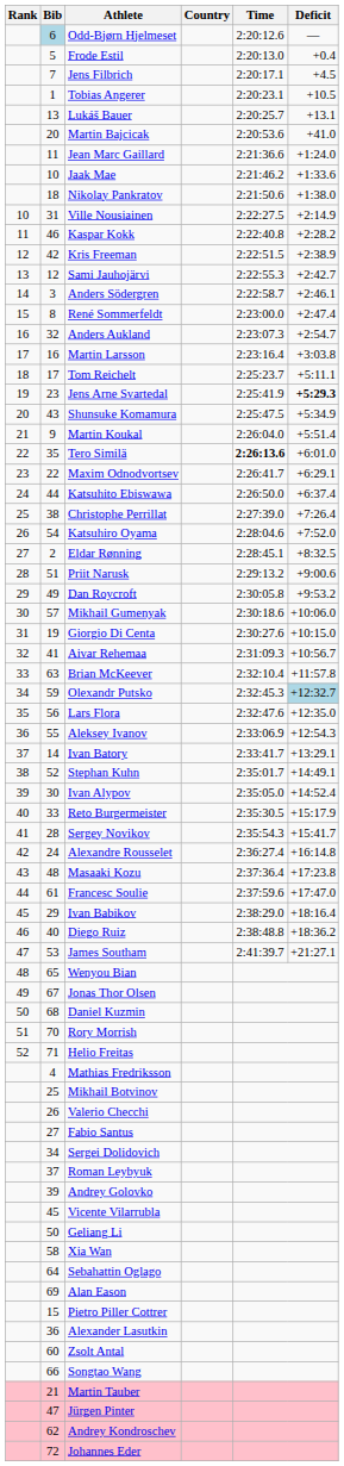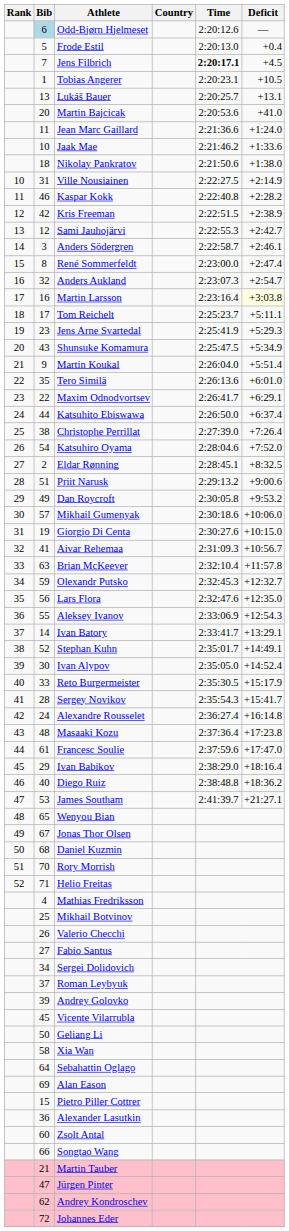 <table class="wikitable sortable" style="text-align:center">
 <tr>
 <th>Rank</th>
 <th>Bib</th>
 <th>Athlete</th>
 <th>Country</th>
 <th>Time</th>
 <th>Deficit</th>
 </tr>
 <tr>
 <td></td>
 <td style="background: lightblue;">6</td>
 <td align=left><a href='#'>Odd-Bjørn Hjelmeset</a></td>
 <td align=left></td>
 <td>2:20:12.6</td>
 <td>—</td>
 </tr>
 <tr>
 <td></td>
 <td>5</td>
 <td align=left><a href='#'>Frode Estil</a></td>
 <td align=left></td>
 <td>2:20:13.0</td>
 <td align="right">+0.4</td>
 </tr>
 <tr>
 <td></td>
 <td>7</td>
 <td align=left><a href='#'>Jens Filbrich</a></td>
 <td align=left></td>
-<td>2:20:17.1</td>
+<td><strong>2:20:17.1</strong></td>
 <td align="right">+4.5</td>
 </tr>
 <tr>
 <td></td>
 <td>1</td>
 <td align=left><a href='#'>Tobias Angerer</a></td>
 <td align=left></td>
 <td>2:20:23.1</td>
 <td align="right">+10.5</td>
 </tr>
 <tr>
 <td></td>
 <td>13</td>
 <td align=left><a href='#'>Lukáš Bauer</a></td>
 <td align=left></td>
 <td>2:20:25.7</td>
 <td align="right">+13.1</td>
 </tr>
 <tr>
 <td></td>
 <td>20</td>
 <td align=left><a href='#'>Martin Bajcicak</a></td>
 <td align=left></td>
 <td>2:20:53.6</td>
 <td align="right">+41.0</td>
 </tr>
 <tr>
 <td></td>
 <td>11</td>
 <td align=left><a href='#'>Jean Marc Gaillard</a></td>
 <td align=left></td>
 <td>2:21:36.6</td>
 <td align="right">+1:24.0</td>
 </tr>
 <tr>
 <td></td>
 <td>10</td>
 <td align=left><a href='#'>Jaak Mae</a></td>
 <td align=left></td>
 <td>2:21:46.2</td>
 <td align="right">+1:33.6</td>
 </tr>
 <tr>
 <td></td>
 <td>18</td>
 <td align=left><a href='#'>Nikolay Pankratov</a></td>
 <td align=left></td>
 <td>2:21:50.6</td>
 <td align="right">+1:38.0</td>
 </tr>
 <tr>
 <td>10</td>
 <td>31</td>
 <td align=left><a href='#'>Ville Nousiainen</a></td>
 <td align=left></td>
 <td>2:22:27.5</td>
 <td align="right">+2:14.9</td>
 </tr>
 <tr>
 <td>11</td>
 <td>46</td>
 <td align=left><a href='#'>Kaspar Kokk</a></td>
 <td align=left></td>
 <td>2:22:40.8</td>
 <td align="right">+2:28.2</td>
 </tr>
 <tr>
 <td>12</td>
 <td>42</td>
 <td align=left><a href='#'>Kris Freeman</a></td>
 <td align=left></td>
 <td>2:22:51.5</td>
 <td align="right">+2:38.9</td>
 </tr>
 <tr>
 <td>13</td>
 <td>12</td>
 <td align=left><a href='#'>Sami Jauhojärvi</a></td>
 <td align=left></td>
 <td>2:22:55.3</td>
 <td align="right">+2:42.7</td>
 </tr>
 <tr>
 <td>14</td>
 <td>3</td>
 <td align=left><a href='#'>Anders Södergren</a></td>
 <td align=left></td>
 <td>2:22:58.7</td>
 <td align="right">+2:46.1</td>
 </tr>
 <tr>
 <td>15</td>
 <td>8</td>
 <td align=left><a href='#'>René Sommerfeldt</a></td>
 <td align=left></td>
 <td>2:23:00.0</td>
 <td align="right">+2:47.4</td>
 </tr>
 <tr>
 <td>16</td>
 <td>32</td>
 <td align=left><a href='#'>Anders Aukland</a></td>
 <td align=left></td>
 <td>2:23:07.3</td>
 <td align="right">+2:54.7</td>
 </tr>
 <tr>
 <td>17</td>
 <td>16</td>
 <td align=left><a href='#'>Martin Larsson</a></td>
 <td align=left></td>
 <td>2:23:16.4</td>
-<td align="right">+3:03.8</td>
+<td align="right" style="background: lightyellow;">+3:03.8</td>
 </tr>
 <tr>
 <td>18</td>
 <td>17</td>
 <td align=left><a href='#'>Tom Reichelt</a></td>
 <td align=left></td>
 <td>2:25:23.7</td>
 <td align="right">+5:11.1</td>
 </tr>
 <tr>
 <td>19</td>
 <td>23</td>
 <td align=left><a href='#'>Jens Arne Svartedal</a></td>
 <td align=left></td>
 <td>2:25:41.9</td>
-<td align="right"><strong>+5:29.3</strong></td>
+<td align="right">+5:29.3</td>
 </tr>
 <tr>
 <td>20</td>
 <td>43</td>
 <td align=left><a href='#'>Shunsuke Komamura</a></td>
 <td align=left></td>
 <td>2:25:47.5</td>
 <td align="right">+5:34.9</td>
 </tr>
 <tr>
 <td>21</td>
 <td>9</td>
 <td align=left><a href='#'>Martin Koukal</a></td>
 <td align=left></td>
 <td>2:26:04.0</td>
 <td align="right">+5:51.4</td>
 </tr>
 <tr>
 <td>22</td>
 <td>35</td>
 <td align=left><a href='#'>Tero Similä</a></td>
 <td align=left></td>
-<td><strong>2:26:13.6</strong></td>
+<td>2:26:13.6</td>
 <td align="right">+6:01.0</td>
 </tr>
 <tr>
 <td>23</td>
 <td>22</td>
 <td align=left><a href='#'>Maxim Odnodvortsev</a></td>
 <td align=left></td>
 <td>2:26:41.7</td>
 <td align="right">+6:29.1</td>
 </tr>
 <tr>
 <td>24</td>
 <td>44</td>
 <td align=left><a href='#'>Katsuhito Ebiswawa</a></td>
 <td align=left></td>
 <td>2:26:50.0</td>
 <td align="right">+6:37.4</td>
 </tr>
 <tr>
 <td>25</td>
 <td>38</td>
 <td align=left><a href='#'>Christophe Perrillat</a></td>
 <td align=left></td>
 <td>2:27:39.0</td>
 <td align="right">+7:26.4</td>
 </tr>
 <tr>
 <td>26</td>
 <td>54</td>
 <td align=left><a href='#'>Katsuhiro Oyama</a></td>
 <td align=left></td>
 <td>2:28:04.6</td>
 <td align="right">+7:52.0</td>
 </tr>
 <tr>
 <td>27</td>
 <td>2</td>
 <td align=left><a href='#'>Eldar Rønning</a></td>
 <td align=left></td>
 <td>2:28:45.1</td>
 <td align="right">+8:32.5</td>
 </tr>
 <tr>
 <td>28</td>
 <td>51</td>
 <td align=left><a href='#'>Priit Narusk</a></td>
 <td align=left></td>
 <td>2:29:13.2</td>
 <td align="right">+9:00.6</td>
 </tr>
 <tr>
 <td>29</td>
 <td>49</td>
 <td align=left><a href='#'>Dan Roycroft</a></td>
 <td align=left></td>
 <td>2:30:05.8</td>
 <td align="right">+9:53.2</td>
 </tr>
 <tr>
 <td>30</td>
 <td>57</td>
 <td align=left><a href='#'>Mikhail Gumenyak</a></td>
 <td align=left></td>
 <td>2:30:18.6</td>
 <td align="right">+10:06.0</td>
 </tr>
 <tr>
 <td>31</td>
 <td>19</td>
 <td align=left><a href='#'>Giorgio Di Centa</a></td>
 <td align=left></td>
 <td>2:30:27.6</td>
 <td align="right">+10:15.0</td>
 </tr>
 <tr>
 <td>32</td>
 <td>41</td>
 <td align=left><a href='#'>Aivar Rehemaa</a></td>
 <td align=left></td>
 <td>2:31:09.3</td>
 <td align="right">+10:56.7</td>
 </tr>
 <tr>
 <td>33</td>
 <td>63</td>
 <td align=left><a href='#'>Brian McKeever</a></td>
 <td align=left></td>
 <td>2:32:10.4</td>
 <td align="right">+11:57.8</td>
 </tr>
 <tr>
 <td>34</td>
 <td>59</td>
 <td align=left><a href='#'>Olexandr Putsko</a></td>
 <td align=left></td>
 <td>2:32:45.3</td>
-<td align="right" style="background: lightblue;">+12:32.7</td>
+<td align="right">+12:32.7</td>
 </tr>
 <tr>
 <td>35</td>
 <td>56</td>
 <td align=left><a href='#'>Lars Flora</a></td>
 <td align=left></td>
 <td>2:32:47.6</td>
 <td align="right">+12:35.0</td>
 </tr>
 <tr>
 <td>36</td>
 <td>55</td>
 <td align=left><a href='#'>Aleksey Ivanov</a></td>
 <td align=left></td>
 <td>2:33:06.9</td>
 <td align="right">+12:54.3</td>
 </tr>
 <tr>
 <td>37</td>
 <td>14</td>
 <td align=left><a href='#'>Ivan Batory</a></td>
 <td align=left></td>
 <td>2:33:41.7</td>
 <td align="right">+13:29.1</td>
 </tr>
 <tr>
 <td>38</td>
 <td>52</td>
 <td align=left><a href='#'>Stephan Kuhn</a></td>
 <td align=left></td>
 <td>2:35:01.7</td>
 <td align="right">+14:49.1</td>
 </tr>
 <tr>
 <td>39</td>
 <td>30</td>
 <td align=left><a href='#'>Ivan Alypov</a></td>
 <td align=left></td>
 <td>2:35:05.0</td>
 <td align="right">+14:52.4</td>
 </tr>
 <tr>
 <td>40</td>
 <td>33</td>
 <td align=left><a href='#'>Reto Burgermeister</a></td>
 <td align=left></td>
 <td>2:35:30.5</td>
 <td align="right">+15:17.9</td>
 </tr>
 <tr>
 <td>41</td>
 <td>28</td>
 <td align=left><a href='#'>Sergey Novikov</a></td>
 <td align=left></td>
 <td>2:35:54.3</td>
 <td align="right">+15:41.7</td>
 </tr>
 <tr>
 <td>42</td>
 <td>24</td>
 <td align=left><a href='#'>Alexandre Rousselet</a></td>
 <td align=left></td>
 <td>2:36:27.4</td>
 <td align="right">+16:14.8</td>
 </tr>
 <tr>
 <td>43</td>
 <td>48</td>
 <td align=left><a href='#'>Masaaki Kozu</a></td>
 <td align=left></td>
 <td>2:37:36.4</td>
 <td align="right">+17:23.8</td>
 </tr>
 <tr>
 <td>44</td>
 <td>61</td>
 <td align=left><a href='#'>Francesc Soulie</a></td>
 <td align=left></td>
 <td>2:37:59.6</td>
 <td align="right">+17:47.0</td>
 </tr>
 <tr>
 <td>45</td>
 <td>29</td>
 <td align=left><a href='#'>Ivan Babikov</a></td>
 <td align=left></td>
 <td>2:38:29.0</td>
 <td align="right">+18:16.4</td>
 </tr>
 <tr>
 <td>46</td>
 <td>40</td>
 <td align=left><a href='#'>Diego Ruiz</a></td>
 <td align=left></td>
 <td>2:38:48.8</td>
 <td align="right">+18:36.2</td>
 </tr>
 <tr>
 <td>47</td>
 <td>53</td>
 <td align=left><a href='#'>James Southam</a></td>
 <td align=left></td>
 <td>2:41:39.7</td>
 <td align="right">+21:27.1</td>
 </tr>
 <tr>
 <td>48</td>
 <td>65</td>
 <td align=left><a href='#'>Wenyou Bian</a></td>
 <td align=left></td>
 <td colspan="2"> </td>
 </tr>
 <tr>
 <td>49</td>
 <td>67</td>
 <td align=left><a href='#'>Jonas Thor Olsen</a></td>
 <td align=left></td>
 <td colspan="2"> </td>
 </tr>
 <tr>
 <td>50</td>
 <td>68</td>
 <td align=left><a href='#'>Daniel Kuzmin</a></td>
 <td align=left></td>
 <td colspan="2"> </td>
 </tr>
 <tr>
 <td>51</td>
 <td>70</td>
 <td align=left><a href='#'>Rory Morrish</a></td>
 <td align=left></td>
 <td colspan="2"> </td>
 </tr>
 <tr>
 <td>52</td>
 <td>71</td>
 <td align=left><a href='#'>Helio Freitas</a></td>
 <td align=left></td>
 <td colspan="2"> </td>
 </tr>
 <tr>
 <td></td>
 <td>4</td>
 <td align=left><a href='#'>Mathias Fredriksson</a></td>
 <td align=left></td>
 <td colspan="2"> </td>
 </tr>
 <tr>
 <td></td>
 <td>25</td>
 <td align=left><a href='#'>Mikhail Botvinov</a></td>
 <td align=left></td>
 <td colspan="2"> </td>
 </tr>
 <tr>
 <td></td>
 <td>26</td>
 <td align=left><a href='#'>Valerio Checchi</a></td>
 <td align=left></td>
 <td colspan="2"> </td>
 </tr>
 <tr>
 <td></td>
 <td>27</td>
 <td align=left><a href='#'>Fabio Santus</a></td>
 <td align=left></td>
 <td colspan="2"> </td>
 </tr>
 <tr>
 <td></td>
 <td>34</td>
 <td align=left><a href='#'>Sergei Dolidovich</a></td>
 <td align=left></td>
 <td colspan="2"> </td>
 </tr>
 <tr>
 <td></td>
 <td>37</td>
 <td align=left><a href='#'>Roman Leybyuk</a></td>
 <td align=left></td>
 <td colspan="2"> </td>
 </tr>
 <tr>
 <td></td>
 <td>39</td>
 <td align=left><a href='#'>Andrey Golovko</a></td>
 <td align=left></td>
 <td colspan="2"> </td>
 </tr>
 <tr>
 <td></td>
 <td>45</td>
 <td align=left><a href='#'>Vicente Vilarrubla</a></td>
 <td align=left></td>
 <td colspan="2"> </td>
 </tr>
 <tr>
 <td></td>
 <td>50</td>
 <td align=left><a href='#'>Geliang Li</a></td>
 <td align=left></td>
 <td colspan="2"> </td>
 </tr>
 <tr>
 <td></td>
 <td>58</td>
 <td align=left><a href='#'>Xia Wan</a></td>
 <td align=left></td>
 <td colspan="2"> </td>
 </tr>
 <tr>
 <td></td>
 <td>64</td>
 <td align=left><a href='#'>Sebahattin Oglago</a></td>
 <td align=left></td>
 <td colspan="2"> </td>
 </tr>
 <tr>
 <td></td>
 <td>69</td>
 <td align=left><a href='#'>Alan Eason</a></td>
 <td align=left></td>
 <td colspan="2"> </td>
 </tr>
 <tr>
 <td></td>
 <td>15</td>
 <td align=left><a href='#'>Pietro Piller Cottrer</a></td>
 <td align=left></td>
 <td colspan="2"> </td>
 </tr>
 <tr>
 <td></td>
 <td>36</td>
 <td align=left><a href='#'>Alexander Lasutkin</a></td>
 <td align=left></td>
 <td colspan="2"> </td>
 </tr>
 <tr>
 <td></td>
 <td>60</td>
 <td align=left><a href='#'>Zsolt Antal</a></td>
 <td align=left></td>
 <td colspan="2"> </td>
 </tr>
 <tr>
 <td></td>
 <td>66</td>
 <td align=left><a href='#'>Songtao Wang</a></td>
 <td align=left></td>
 <td colspan="2"> </td>
 </tr>
 <tr bgcolor=pink>
 <td></td>
 <td>21</td>
 <td align=left><a href='#'>Martin Tauber</a></td>
 <td align=left></td>
 <td colspan="2"> </td>
 </tr>
 <tr bgcolor=pink>
 <td></td>
 <td>47</td>
 <td align=left><a href='#'>Jürgen Pinter</a></td>
 <td align=left></td>
 <td colspan="2"> </td>
 </tr>
 <tr bgcolor=pink>
 <td></td>
 <td>62</td>
 <td align=left><a href='#'>Andrey Kondroschev</a></td>
 <td align=left></td>
 <td colspan="2"> </td>
 </tr>
 <tr bgcolor=pink>
 <td></td>
 <td>72</td>
 <td align=left><a href='#'>Johannes Eder</a></td>
 <td align=left></td>
 <td colspan="2"> </td>
 </tr>
 </table>
